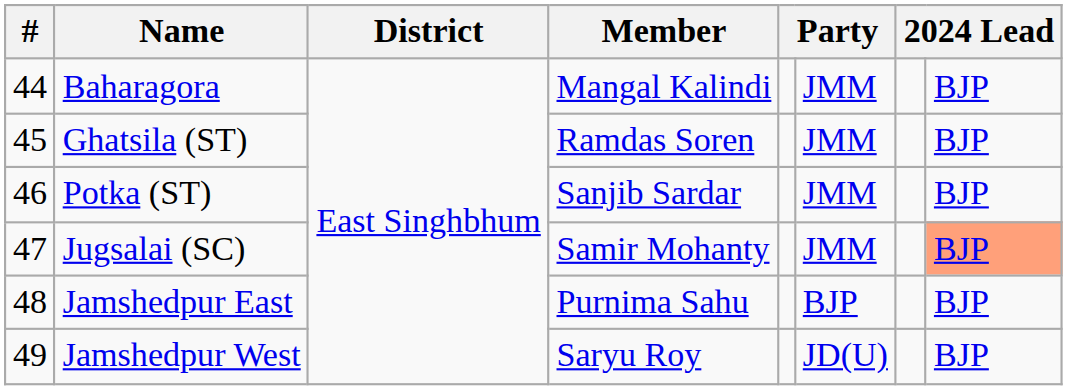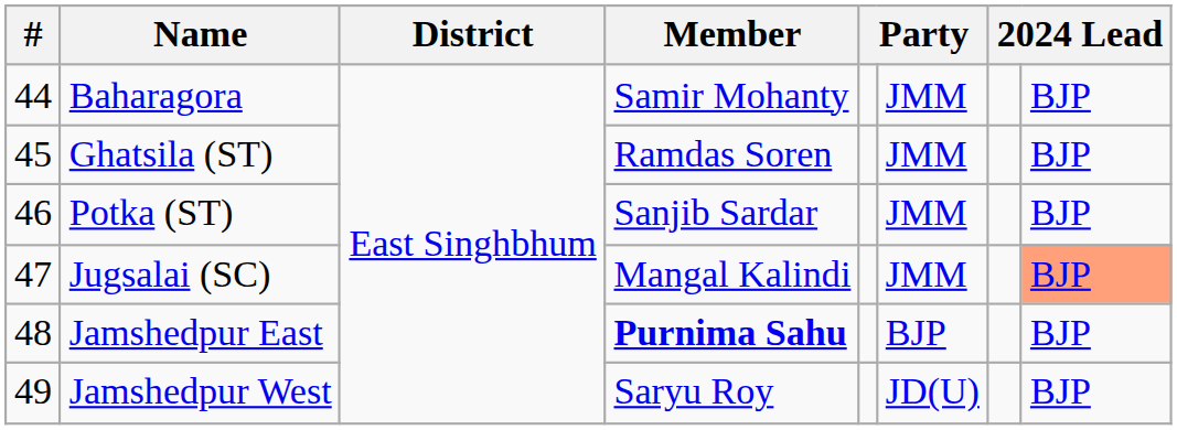 <table class="wikitable">
 <tr>
 <th>#</th>
 <th>Name</th>
 <th>District</th>
 <th>Member</th>
 <th colspan="2">Party</th>
 <th colspan="2">2024 Lead</th>
 </tr>
 <tr>
 <td>44</td>
 <td><a href='#'>Baharagora</a></td>
 <td rowspan="6"><a href='#'>East Singhbhum</a></td>
-<td><a href='#'>Mangal Kalindi</a></td>
+<td><a href='#'>Samir Mohanty</a></td>
 <td style="background-color: "></td>
 <td><a href='#'>JMM</a></td>
 <td></td>
 <td><a href='#'>BJP</a></td>
 </tr>
 <tr>
 <td>45</td>
 <td><a href='#'>Ghatsila</a> (ST)</td>
 <td><a href='#'>Ramdas Soren</a></td>
 <td style="background-color: "></td>
 <td><a href='#'>JMM</a></td>
 <td></td>
 <td><a href='#'>BJP</a></td>
 </tr>
 <tr>
 <td>46</td>
 <td><a href='#'>Potka</a> (ST)</td>
 <td><a href='#'>Sanjib Sardar</a></td>
 <td style="background-color: "></td>
 <td><a href='#'>JMM</a></td>
 <td></td>
 <td><a href='#'>BJP</a></td>
 </tr>
 <tr>
 <td>47</td>
 <td><a href='#'>Jugsalai</a> (SC)</td>
-<td><a href='#'>Samir Mohanty</a></td>
+<td><a href='#'>Mangal Kalindi</a></td>
 <td style="background-color: "></td>
 <td><a href='#'>JMM</a></td>
 <td></td>
 <td style="background: lightsalmon;"><a href='#'>BJP</a></td>
 </tr>
 <tr>
 <td>48</td>
 <td><a href='#'>Jamshedpur East</a></td>
-<td><a href='#'>Purnima Sahu</a></td>
+<td><strong><a href='#'>Purnima Sahu</a></strong></td>
 <td style="background-color: "></td>
 <td><a href='#'>BJP</a></td>
 <td></td>
 <td><a href='#'>BJP</a></td>
 </tr>
 <tr>
 <td>49</td>
 <td><a href='#'>Jamshedpur West</a></td>
 <td><a href='#'>Saryu Roy</a></td>
 <td style="background-color: "></td>
 <td><a href='#'>JD(U)</a></td>
 <td></td>
 <td><a href='#'>BJP</a></td>
 </tr>
 </table>
